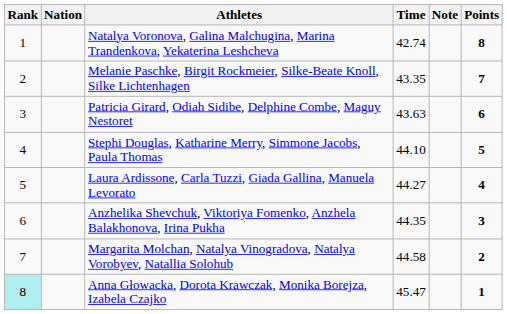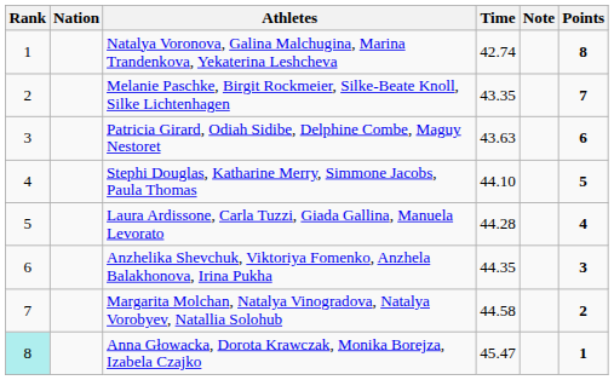 <table class="wikitable sortable" style="text-align:center">
 <tr>
 <th>Rank</th>
 <th>Nation</th>
 <th>Athletes</th>
 <th>Time</th>
 <th>Note</th>
 <th>Points</th>
 </tr>
 <tr>
 <td>1</td>
 <td align=left></td>
 <td align=left><a href='#'>Natalya Voronova</a>, <a href='#'>Galina Malchugina</a>, <a href='#'>Marina Trandenkova</a>, <a href='#'>Yekaterina Leshcheva</a></td>
 <td>42.74</td>
 <td></td>
 <td><strong>8</strong></td>
 </tr>
 <tr>
 <td>2</td>
 <td align=left></td>
 <td align=left><a href='#'>Melanie Paschke</a>, <a href='#'>Birgit Rockmeier</a>, <a href='#'>Silke-Beate Knoll</a>, <a href='#'>Silke Lichtenhagen</a></td>
 <td>43.35</td>
 <td></td>
 <td><strong>7</strong></td>
 </tr>
 <tr>
 <td>3</td>
 <td align=left></td>
 <td align=left><a href='#'>Patricia Girard</a>, <a href='#'>Odiah Sidibe</a>, <a href='#'>Delphine Combe</a>, <a href='#'>Maguy Nestoret</a></td>
 <td>43.63</td>
 <td></td>
 <td><strong>6</strong></td>
 </tr>
 <tr>
 <td>4</td>
 <td align=left></td>
 <td align=left><a href='#'>Stephi Douglas</a>, <a href='#'>Katharine Merry</a>, <a href='#'>Simmone Jacobs</a>, <a href='#'>Paula Thomas</a></td>
 <td>44.10</td>
 <td></td>
 <td><strong>5</strong></td>
 </tr>
 <tr>
 <td>5</td>
 <td align=left></td>
 <td align=left><a href='#'>Laura Ardissone</a>, <a href='#'>Carla Tuzzi</a>, <a href='#'>Giada Gallina</a>, <a href='#'>Manuela Levorato</a></td>
-<td>44.27</td>
+<td>44.28</td>
 <td></td>
 <td><strong>4</strong></td>
 </tr>
 <tr>
 <td>6</td>
 <td align=left></td>
 <td align=left><a href='#'>Anzhelika Shevchuk</a>, <a href='#'>Viktoriya Fomenko</a>, <a href='#'>Anzhela Balakhonova</a>, <a href='#'>Irina Pukha</a></td>
 <td>44.35</td>
 <td></td>
 <td><strong>3</strong></td>
 </tr>
 <tr>
 <td>7</td>
 <td align=left></td>
 <td align=left><a href='#'>Margarita Molchan</a>, <a href='#'>Natalya Vinogradova</a>, <a href='#'>Natalya Vorobyev</a>, <a href='#'>Natallia Solohub</a></td>
 <td>44.58</td>
 <td></td>
 <td><strong>2</strong></td>
 </tr>
 <tr>
 <td style="background: paleturquoise;">8</td>
 <td align=left></td>
 <td align=left><a href='#'>Anna Głowacka</a>, <a href='#'>Dorota Krawczak</a>, <a href='#'>Monika Borejza</a>, <a href='#'>Izabela Czajko</a></td>
 <td>45.47</td>
 <td></td>
 <td><strong>1</strong></td>
 </tr>
 </table>
